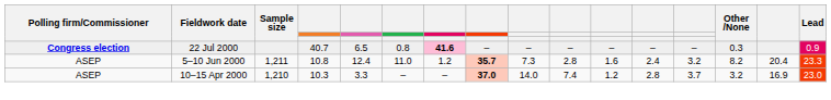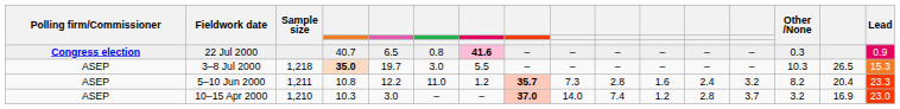 <table class="wikitable collapsible collapsed" style="text-align:center; font-size:90%; line-height:14px;">
 <tr style="height:42px;">
 <th style="width:260px;" rowspan="3">Polling firm/Commissioner</th>
 <th style="width:125px;" rowspan="3">Fieldwork date</th>
 <th style="width:60px;" rowspan="3">Sample size</th>
 <th style="width:60px;"></th>
 <th style="width:60px;"></th>
 <th style="width:60px;"></th>
 <th style="width:60px;"></th>
 <th style="width:60px;"></th>
 <th style="width:60px;"></th>
 <th style="width:60px;"></th>
 <th style="width:60px;"></th>
 <th style="width:60px;"></th>
 <th style="width:60px;"></th>
 <th style="width:60px;" rowspan="3">Other<br>/None</th>
 <th style="width:60px;" rowspan="3"></th>
 <th style="width:30px;" rowspan="3">Lead</th>
 </tr>
 <tr>
 <th style="color:inherit;background:#F27D26;"></th>
 <th style="color:inherit;background:#E35BAD;"></th>
 <th style="color:inherit;background:#22B14C;"></th>
 <th style="color:inherit;background:#E3035F;"></th>
 <th style="color:inherit;background:#F53903;"></th>
 <th style="color:inherit;background:"></th>
 <th style="color:inherit;background:"></th>
 <th style="color:inherit;background:"></th>
 <th style="color:inherit;background:"></th>
 <th style="color:inherit;background:"></th>
 </tr>
 <tr>
 <th></th>
 <th></th>
 <th></th>
 <th></th>
 <th></th>
 <th></th>
 <th></th>
 <th></th>
 <th></th>
 <th></th>
 </tr>
 <tr style="color:inherit;background:#EFEFEF;">
 <td><strong><a href='#'>Congress election</a></strong></td>
 <td>22 Jul 2000</td>
 <td></td>
 <td>40.7</td>
 <td>6.5</td>
 <td>0.8</td>
 <td style="color:inherit;background:#FEBCD7;"><strong>41.6</strong></td>
 <td>–</td>
 <td>–</td>
 <td>–</td>
 <td>–</td>
 <td>–</td>
 <td>–</td>
 <td>0.3</td>
 <td></td>
 <td style="color:inherit;background:#E3035F; color:white;">0.9</td>
 </tr>
 <tr>
 <td>ASEP</td>
+<td>3–8 Jul 2000</td>
+<td>1,218</td>
+<td style="color:inherit;background:#FCDBC2;"><strong>35.0</strong></td>
+<td>19.7</td>
+<td>3.0</td>
+<td>5.5</td>
+<td>–</td>
+<td>–</td>
+<td>–</td>
+<td>–</td>
+<td>–</td>
+<td>–</td>
+<td>10.3</td>
+<td>26.5</td>
+<td style="color:inherit;background:#F27D26; color:white;">15.3</td>
+</tr>
+<tr>
+<td>ASEP</td>
 <td>5–10 Jun 2000</td>
 <td>1,211</td>
 <td>10.8</td>
-<td>12.4</td>
+<td>12.2</td>
 <td>11.0</td>
 <td>1.2</td>
 <td style="color:inherit;background:#FEC9BA;"><strong>35.7</strong></td>
 <td>7.3</td>
 <td>2.8</td>
 <td>1.6</td>
 <td>2.4</td>
 <td>3.2</td>
 <td>8.2</td>
 <td>20.4</td>
 <td style="color:inherit;background:#F53903; color:white;">23.3</td>
 </tr>
 <tr>
 <td>ASEP</td>
 <td>10–15 Apr 2000</td>
 <td>1,210</td>
 <td>10.3</td>
-<td>3.3</td>
+<td>3.0</td>
 <td>–</td>
 <td>–</td>
 <td style="color:inherit;background:#FEC9BA;"><strong>37.0</strong></td>
 <td>14.0</td>
 <td>7.4</td>
 <td>1.2</td>
 <td>2.8</td>
 <td>3.7</td>
 <td>3.2</td>
 <td>16.9</td>
 <td style="color:inherit;background:#F53903; color:white;">23.0</td>
 </tr>
 </table>
